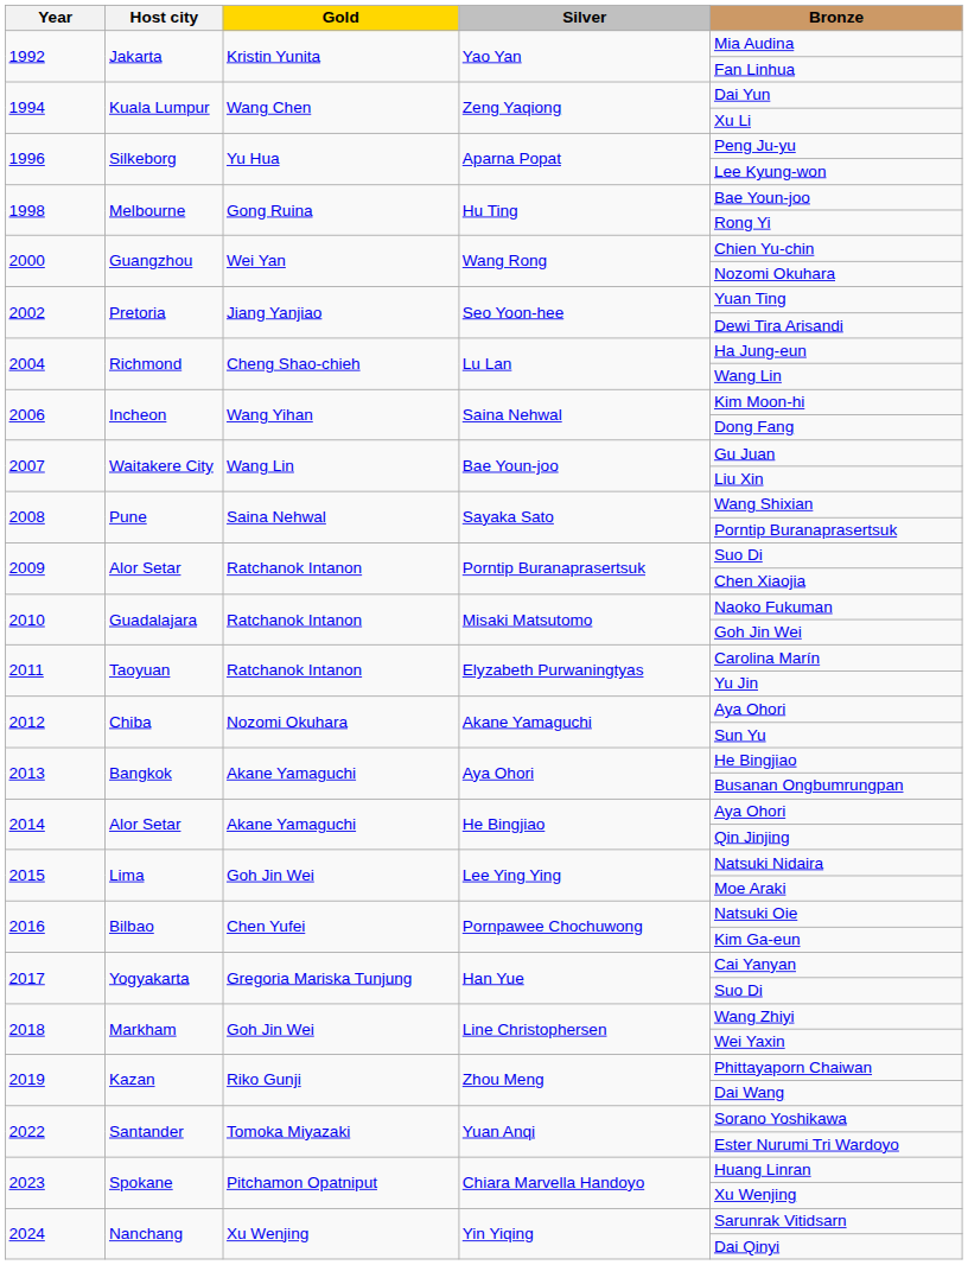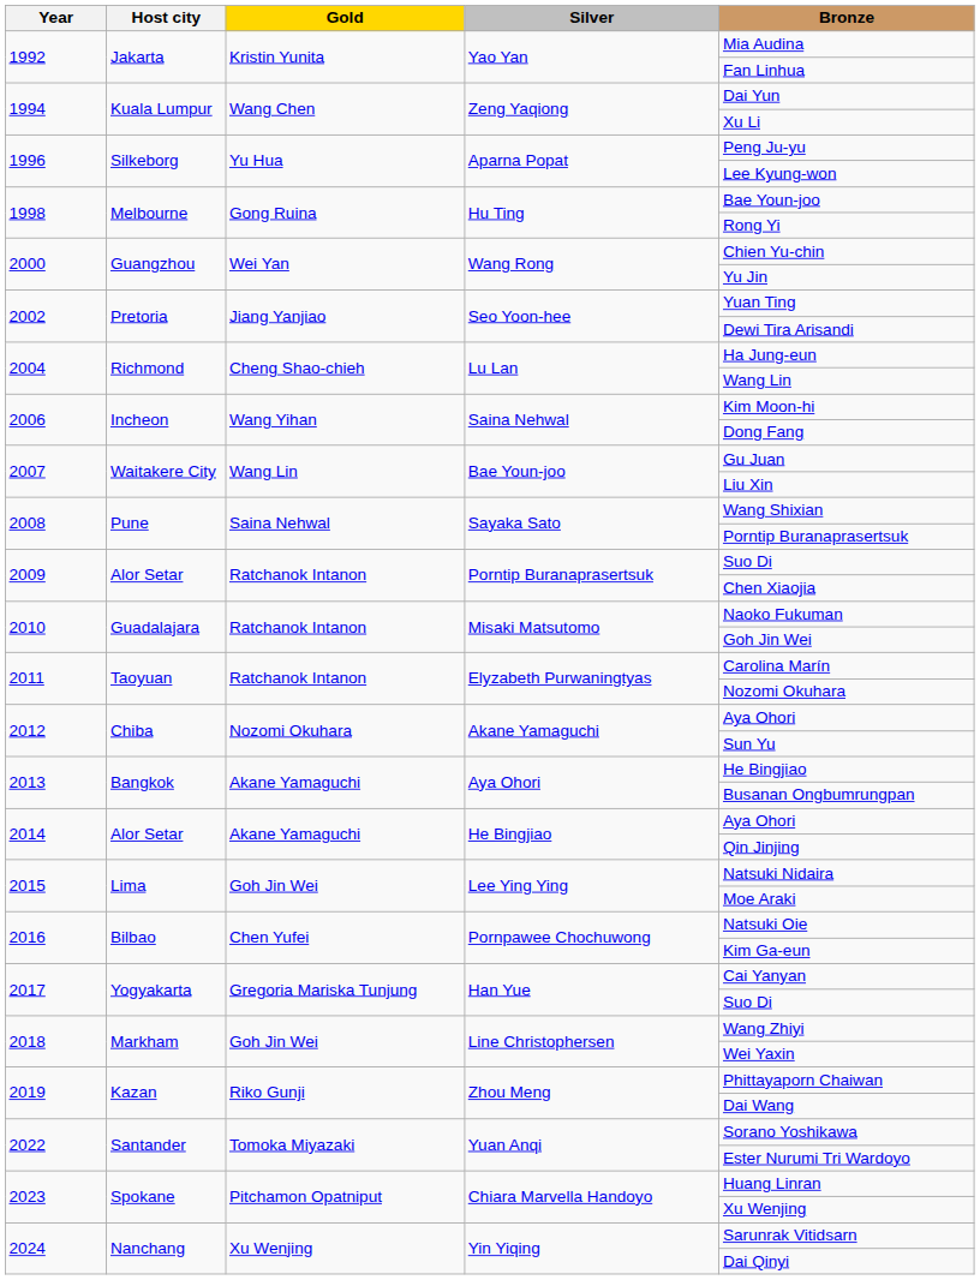 <table class="wikitable" style="text-align: left; width: 950px;">
 <tr>
 <th width="120">Year</th>
 <th width="120">Host city</th>
 <th width="300" style="background-color: gold">Gold</th>
 <th width="300" style="background-color: silver">Silver</th>
 <th width="300" style="background-color: #cc9966">Bronze</th>
 </tr>
 <tr>
 <td rowspan="2"><a href='#'>1992</a></td>
 <td rowspan="2"><a href='#'>Jakarta</a></td>
 <td rowspan="2"> <a href='#'>Kristin Yunita</a></td>
 <td rowspan="2"> <a href='#'>Yao Yan</a></td>
 <td> <a href='#'>Mia Audina</a></td>
 </tr>
 <tr>
 <td> <a href='#'>Fan Linhua</a></td>
 </tr>
 <tr>
 <td rowspan="2"><a href='#'>1994</a></td>
 <td rowspan="2"><a href='#'>Kuala Lumpur</a></td>
 <td rowspan="2"> <a href='#'>Wang Chen</a></td>
 <td rowspan="2"> <a href='#'>Zeng Yaqiong</a></td>
 <td> <a href='#'>Dai Yun</a></td>
 </tr>
 <tr>
 <td> <a href='#'>Xu Li</a></td>
 </tr>
 <tr>
 <td rowspan="2"><a href='#'>1996</a></td>
 <td rowspan="2"><a href='#'>Silkeborg</a></td>
 <td rowspan="2"> <a href='#'>Yu Hua</a></td>
 <td rowspan="2"> <a href='#'>Aparna Popat</a></td>
 <td> <a href='#'>Peng Ju-yu</a></td>
 </tr>
 <tr>
 <td> <a href='#'>Lee Kyung-won</a></td>
 </tr>
 <tr>
 <td rowspan="2"><a href='#'>1998</a></td>
 <td rowspan="2"><a href='#'>Melbourne</a></td>
 <td rowspan="2"> <a href='#'>Gong Ruina</a></td>
 <td rowspan="2"> <a href='#'>Hu Ting</a></td>
 <td> <a href='#'>Bae Youn-joo</a></td>
 </tr>
 <tr>
 <td> <a href='#'>Rong Yi</a></td>
 </tr>
 <tr>
 <td rowspan="2"><a href='#'>2000</a></td>
 <td rowspan="2"><a href='#'>Guangzhou</a></td>
 <td rowspan="2"> <a href='#'>Wei Yan</a></td>
 <td rowspan="2"> <a href='#'>Wang Rong</a></td>
 <td> <a href='#'>Chien Yu-chin</a></td>
 </tr>
 <tr>
-<td> <a href='#'>Nozomi Okuhara</a></td>
+<td> <a href='#'>Yu Jin</a></td>
 </tr>
 <tr>
 <td rowspan="2"><a href='#'>2002</a></td>
 <td rowspan="2"><a href='#'>Pretoria</a></td>
 <td rowspan="2"> <a href='#'>Jiang Yanjiao</a></td>
 <td rowspan="2"> <a href='#'>Seo Yoon-hee</a></td>
 <td> <a href='#'>Yuan Ting</a></td>
 </tr>
 <tr>
 <td> <a href='#'>Dewi Tira Arisandi</a></td>
 </tr>
 <tr>
 <td rowspan="2"><a href='#'>2004</a></td>
 <td rowspan="2"><a href='#'>Richmond</a></td>
 <td rowspan="2"> <a href='#'>Cheng Shao-chieh</a></td>
 <td rowspan="2"> <a href='#'>Lu Lan</a></td>
 <td> <a href='#'>Ha Jung-eun</a></td>
 </tr>
 <tr>
 <td> <a href='#'>Wang Lin</a></td>
 </tr>
 <tr>
 <td rowspan="2"><a href='#'>2006</a></td>
 <td rowspan="2"><a href='#'>Incheon</a></td>
 <td rowspan="2"> <a href='#'>Wang Yihan</a></td>
 <td rowspan="2"> <a href='#'>Saina Nehwal</a></td>
 <td> <a href='#'>Kim Moon-hi</a></td>
 </tr>
 <tr>
 <td> <a href='#'>Dong Fang</a></td>
 </tr>
 <tr>
 <td rowspan="2"><a href='#'>2007</a></td>
 <td rowspan="2"><a href='#'>Waitakere City</a></td>
 <td rowspan="2"> <a href='#'>Wang Lin</a></td>
 <td rowspan="2"> <a href='#'>Bae Youn-joo</a></td>
 <td> <a href='#'>Gu Juan</a></td>
 </tr>
 <tr>
 <td> <a href='#'>Liu Xin</a></td>
 </tr>
 <tr>
 <td rowspan="2"><a href='#'>2008</a></td>
 <td rowspan="2"><a href='#'>Pune</a></td>
 <td rowspan="2"> <a href='#'>Saina Nehwal</a></td>
 <td rowspan="2"> <a href='#'>Sayaka Sato</a></td>
 <td> <a href='#'>Wang Shixian</a></td>
 </tr>
 <tr>
 <td> <a href='#'>Porntip Buranaprasertsuk</a></td>
 </tr>
 <tr>
 <td rowspan="2"><a href='#'>2009</a></td>
 <td rowspan="2"><a href='#'>Alor Setar</a></td>
 <td rowspan="2"> <a href='#'>Ratchanok Intanon</a></td>
 <td rowspan="2"> <a href='#'>Porntip Buranaprasertsuk</a></td>
 <td> <a href='#'>Suo Di</a></td>
 </tr>
 <tr>
 <td> <a href='#'>Chen Xiaojia</a></td>
 </tr>
 <tr>
 <td rowspan="2"><a href='#'>2010</a></td>
 <td rowspan="2"><a href='#'>Guadalajara</a></td>
 <td rowspan="2"> <a href='#'>Ratchanok Intanon</a></td>
 <td rowspan="2"> <a href='#'>Misaki Matsutomo</a></td>
 <td> <a href='#'>Naoko Fukuman</a></td>
 </tr>
 <tr>
 <td> <a href='#'>Goh Jin Wei</a></td>
 </tr>
 <tr>
 <td rowspan="2"><a href='#'>2011</a></td>
 <td rowspan="2"><a href='#'>Taoyuan</a></td>
 <td rowspan="2"> <a href='#'>Ratchanok Intanon</a></td>
 <td rowspan="2"> <a href='#'>Elyzabeth Purwaningtyas</a></td>
 <td> <a href='#'>Carolina Marín</a></td>
 </tr>
 <tr>
-<td> <a href='#'>Yu Jin</a></td>
+<td> <a href='#'>Nozomi Okuhara</a></td>
 </tr>
 <tr>
 <td rowspan="2"><a href='#'>2012</a></td>
 <td rowspan="2"><a href='#'>Chiba</a></td>
 <td rowspan="2"> <a href='#'>Nozomi Okuhara</a></td>
 <td rowspan="2"> <a href='#'>Akane Yamaguchi</a></td>
 <td> <a href='#'>Aya Ohori</a></td>
 </tr>
 <tr>
 <td> <a href='#'>Sun Yu</a></td>
 </tr>
 <tr>
 <td rowspan="2"><a href='#'>2013</a></td>
 <td rowspan="2"><a href='#'>Bangkok</a></td>
 <td rowspan="2"> <a href='#'>Akane Yamaguchi</a></td>
 <td rowspan="2"> <a href='#'>Aya Ohori</a></td>
 <td> <a href='#'>He Bingjiao</a></td>
 </tr>
 <tr>
 <td> <a href='#'>Busanan Ongbumrungpan</a></td>
 </tr>
 <tr>
 <td rowspan="2"><a href='#'>2014</a></td>
 <td rowspan="2"><a href='#'>Alor Setar</a></td>
 <td rowspan="2"> <a href='#'>Akane Yamaguchi</a></td>
 <td rowspan="2"> <a href='#'>He Bingjiao</a></td>
 <td> <a href='#'>Aya Ohori</a></td>
 </tr>
 <tr>
 <td> <a href='#'>Qin Jinjing</a></td>
 </tr>
 <tr>
 <td rowspan="2"><a href='#'>2015</a></td>
 <td rowspan="2"><a href='#'>Lima</a></td>
 <td rowspan="2"> <a href='#'>Goh Jin Wei</a></td>
 <td rowspan="2"> <a href='#'>Lee Ying Ying</a></td>
 <td> <a href='#'>Natsuki Nidaira</a></td>
 </tr>
 <tr>
 <td> <a href='#'>Moe Araki</a></td>
 </tr>
 <tr>
 <td rowspan="2"><a href='#'>2016</a></td>
 <td rowspan="2"><a href='#'>Bilbao</a></td>
 <td rowspan="2"> <a href='#'>Chen Yufei</a></td>
 <td rowspan="2"> <a href='#'>Pornpawee Chochuwong</a></td>
 <td> <a href='#'>Natsuki Oie</a></td>
 </tr>
 <tr>
 <td> <a href='#'>Kim Ga-eun</a></td>
 </tr>
 <tr>
 <td rowspan="2"><a href='#'>2017</a></td>
 <td rowspan="2"><a href='#'>Yogyakarta</a></td>
 <td rowspan="2">  <a href='#'>Gregoria Mariska Tunjung</a></td>
 <td rowspan="2"> <a href='#'>Han Yue</a></td>
 <td> <a href='#'>Cai Yanyan</a></td>
 </tr>
 <tr>
 <td> <a href='#'>Suo Di</a></td>
 </tr>
 <tr>
 <td rowspan="2"><a href='#'>2018</a></td>
 <td rowspan="2"><a href='#'>Markham</a></td>
 <td rowspan="2"> <a href='#'>Goh Jin Wei</a></td>
 <td rowspan="2"> <a href='#'>Line Christophersen</a></td>
 <td> <a href='#'>Wang Zhiyi</a></td>
 </tr>
 <tr>
 <td> <a href='#'>Wei Yaxin</a></td>
 </tr>
 <tr>
 <td rowspan="2"><a href='#'>2019</a></td>
 <td rowspan="2"><a href='#'>Kazan</a></td>
 <td rowspan="2"> <a href='#'>Riko Gunji</a></td>
 <td rowspan="2"> <a href='#'>Zhou Meng</a></td>
 <td> <a href='#'>Phittayaporn Chaiwan</a></td>
 </tr>
 <tr>
 <td> <a href='#'>Dai Wang</a></td>
 </tr>
 <tr>
 <td rowspan="2"><a href='#'>2022</a></td>
 <td rowspan="2"><a href='#'>Santander</a></td>
 <td rowspan="2"> <a href='#'>Tomoka Miyazaki</a></td>
 <td rowspan="2"> <a href='#'>Yuan Anqi</a></td>
 <td> <a href='#'>Sorano Yoshikawa</a></td>
 </tr>
 <tr>
 <td> <a href='#'>Ester Nurumi Tri Wardoyo</a></td>
 </tr>
 <tr>
 <td rowspan="2"><a href='#'>2023</a></td>
 <td rowspan="2"><a href='#'>Spokane</a></td>
 <td rowspan="2"> <a href='#'>Pitchamon Opatniput</a></td>
 <td rowspan="2"> <a href='#'>Chiara Marvella Handoyo</a></td>
 <td> <a href='#'>Huang Linran</a></td>
 </tr>
 <tr>
 <td> <a href='#'>Xu Wenjing</a></td>
 </tr>
 <tr>
 <td rowspan="2"><a href='#'>2024</a></td>
 <td rowspan="2"><a href='#'>Nanchang</a></td>
 <td rowspan="2"> <a href='#'>Xu Wenjing</a></td>
 <td rowspan="2"> <a href='#'>Yin Yiqing</a></td>
 <td> <a href='#'>Sarunrak Vitidsarn</a></td>
 </tr>
 <tr>
 <td> <a href='#'>Dai Qinyi</a></td>
 </tr>
 </table>
